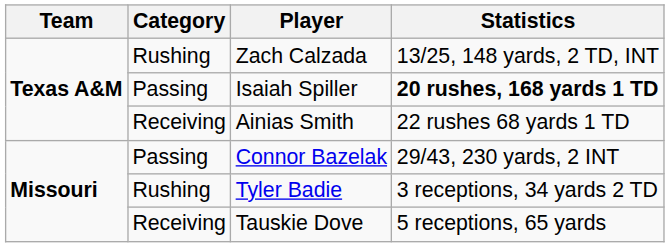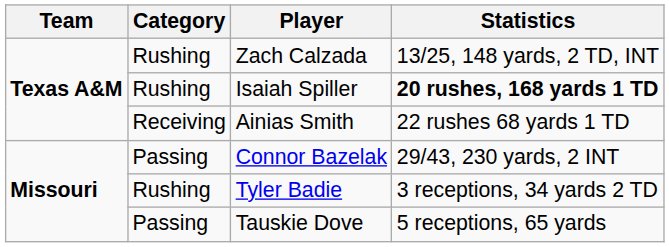 <table class="wikitable" style="float: right;">
 <tr>
 <th>Team</th>
 <th>Category</th>
 <th>Player</th>
 <th>Statistics</th>
 </tr>
 <tr>
 <td rowspan=3><strong>Texas A&M</strong></td>
 <td>Rushing</td>
 <td>Zach Calzada</td>
 <td>13/25, 148 yards, 2 TD, INT</td>
 </tr>
 <tr>
-<td>Passing</td>
+<td>Rushing</td>
 <td>Isaiah Spiller</td>
 <td><strong>20 rushes, 168 yards 1 TD</strong></td>
 </tr>
 <tr>
 <td>Receiving</td>
 <td>Ainias Smith</td>
 <td>22 rushes 68 yards 1 TD</td>
 </tr>
 <tr>
 <td rowspan=3><strong>Missouri</strong></td>
 <td>Passing</td>
 <td><a href='#'>Connor Bazelak</a></td>
 <td>29/43, 230 yards, 2 INT</td>
 </tr>
 <tr>
 <td>Rushing</td>
 <td><a href='#'>Tyler Badie</a></td>
 <td>3 receptions, 34 yards 2 TD</td>
 </tr>
 <tr>
-<td>Receiving</td>
+<td>Passing</td>
 <td>Tauskie Dove</td>
 <td>5 receptions, 65 yards</td>
 </tr>
 </table>
